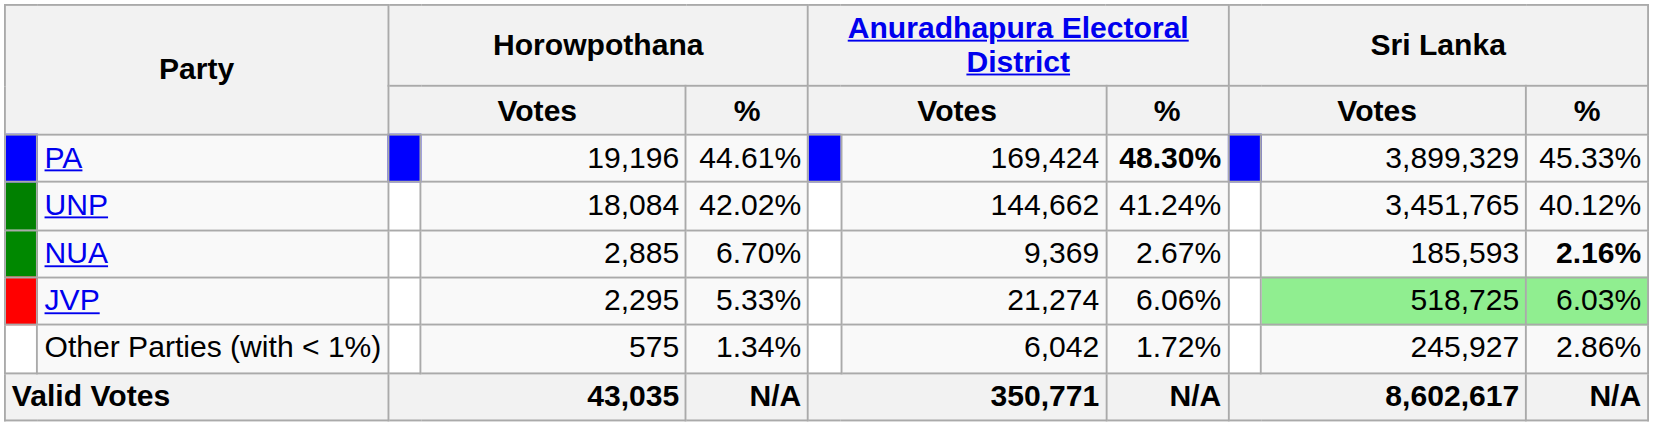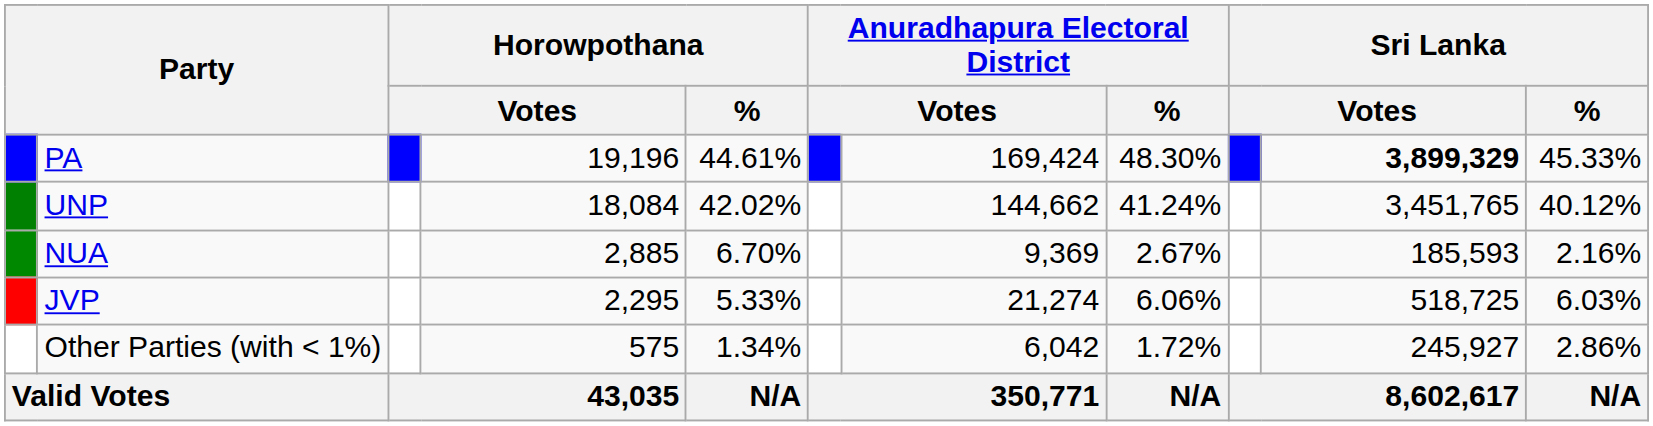 <table class="wikitable">
 <tr>
 <th colspan="2" width="144px"rowspan="2">Party</th>
 <th colspan="3" width="216px">Horowpothana</th>
 <th colspan="3" width="216px"><a href='#'>Anuradhapura Electoral District</a></th>
 <th colspan="3" width="216px">Sri Lanka</th>
 </tr>
 <tr>
 <th colspan="2" width="144px">Votes</th>
 <th>%</th>
 <th colspan="2" width="144px">Votes</th>
 <th>%</th>
 <th colspan="2" width="144px">Votes</th>
 <th>%</th>
 </tr>
 <tr>
 <td style="background-color:blue;" width="10px"></td>
 <td style="text-align:left;"><a href='#'>PA</a></td>
 <td style="background-color:blue;" width="10px"></td>
 <td style="text-align:right;">19,196</td>
 <td style="text-align:right;">44.61%</td>
 <td style="background-color:blue;" width="10px"></td>
 <td style="text-align:right;">169,424</td>
-<td style="text-align:right;"><strong>48.30%</strong></td>
+<td style="text-align:right;">48.30%</td>
 <td style="background-color:blue;" width="10px"></td>
-<td style="text-align:right;">3,899,329</td>
+<td style="text-align:right;"><strong>3,899,329</strong></td>
 <td style="text-align:right;">45.33%</td>
 </tr>
 <tr>
 <td style="background-color:green;" width="10px"></td>
 <td style="text-align:left;"><a href='#'>UNP</a></td>
 <td style="background-color:white;" width="10px"></td>
 <td style="text-align:right;">18,084</td>
 <td style="text-align:right;">42.02%</td>
 <td style="background-color:white;" width="10px"></td>
 <td style="text-align:right;">144,662</td>
 <td style="text-align:right;">41.24%</td>
 <td style="background-color:white;" width="10px"></td>
 <td style="text-align:right;">3,451,765</td>
 <td style="text-align:right;">40.12%</td>
 </tr>
 <tr>
 <td style="background-color:#008800;" width="10px"></td>
 <td style="text-align:left;"><a href='#'>NUA</a></td>
 <td style="background-color:white;" width="10px"></td>
 <td style="text-align:right;">2,885</td>
 <td style="text-align:right;">6.70%</td>
 <td style="background-color:white;" width="10px"></td>
 <td style="text-align:right;">9,369</td>
 <td style="text-align:right;">2.67%</td>
 <td style="background-color:white;" width="10px"></td>
 <td style="text-align:right;">185,593</td>
-<td style="text-align:right;"><strong>2.16%</strong></td>
+<td style="text-align:right;">2.16%</td>
 </tr>
 <tr>
 <td style="background-color:red;" width="10px"></td>
 <td style="text-align:left;"><a href='#'>JVP</a></td>
 <td style="background-color:white;" width="10px"></td>
 <td style="text-align:right;">2,295</td>
 <td style="text-align:right;">5.33%</td>
 <td style="background-color:white;" width="10px"></td>
 <td style="text-align:right;">21,274</td>
 <td style="text-align:right;">6.06%</td>
 <td style="background-color:white;" width="10px"></td>
-<td style="background: lightgreen; text-align:right;">518,725</td>
-<td style="background: lightgreen; text-align:right;">6.03%</td>
+<td style="text-align:right;">518,725</td>
+<td style="text-align:right;">6.03%</td>
 </tr>
 <tr>
 <td style="background-color:white;" width="10px"></td>
 <td style="text-align:left;">Other Parties (with < 1%)</td>
 <td style="background-color:white;" width="10px"></td>
 <td style="text-align:right;">575</td>
 <td style="text-align:right;">1.34%</td>
 <td style="background-color:white;" width="10px"></td>
 <td style="text-align:right;">6,042</td>
 <td style="text-align:right;">1.72%</td>
 <td style="background-color:white;" width="10px"></td>
 <td style="text-align:right;">245,927</td>
 <td style="text-align:right;">2.86%</td>
 </tr>
 <tr>
 <th colspan="2" width="144px"style="text-align:left;">Valid Votes</th>
 <th style="text-align:right;"colspan="2" width="144px">43,035</th>
 <th style="text-align:right;">N/A</th>
 <th style="text-align:right;"colspan="2" width="144px">350,771</th>
 <th style="text-align:right;">N/A</th>
 <th style="text-align:right;"colspan="2" width="144px">8,602,617</th>
 <th style="text-align:right;">N/A</th>
 </tr>
 </table>
